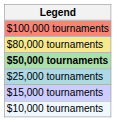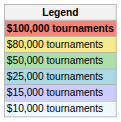 <table class=wikitable style="font-size:85%">
 <tr>
 <th>Legend</th>
 </tr>
 <tr style="background:#f88379;">
-<td>$100,000 tournaments</td>
+<td><strong>$100,000 tournaments</strong></td>
 </tr>
 <tr style="background:#f7e98e;">
 <td>$80,000 tournaments</td>
 </tr>
 <tr style="background:#addfad;">
-<td><strong>$50,000 tournaments</strong></td>
+<td>$50,000 tournaments</td>
 </tr>
 <tr style="background:lightblue;">
 <td>$25,000 tournaments</td>
 </tr>
 <tr style="background:#ccccff;">
 <td>$15,000 tournaments</td>
 </tr>
 <tr style="background:#f0f8ff;">
 <td>$10,000 tournaments</td>
 </tr>
 </table>
